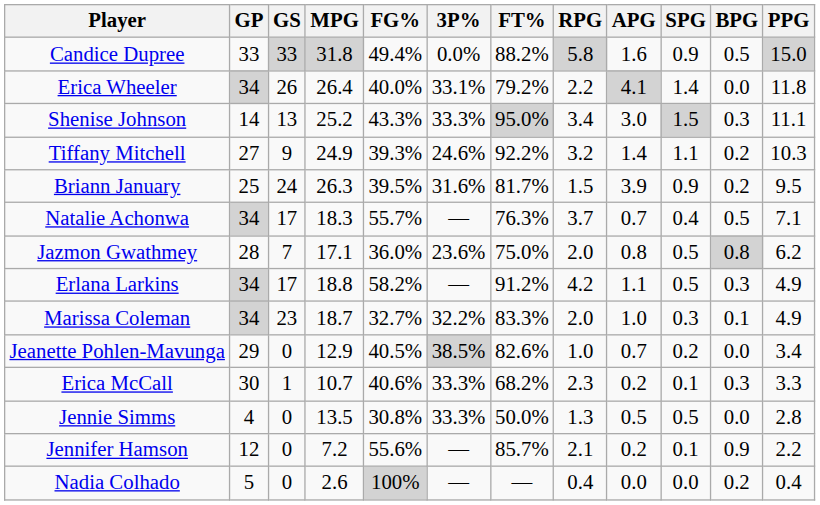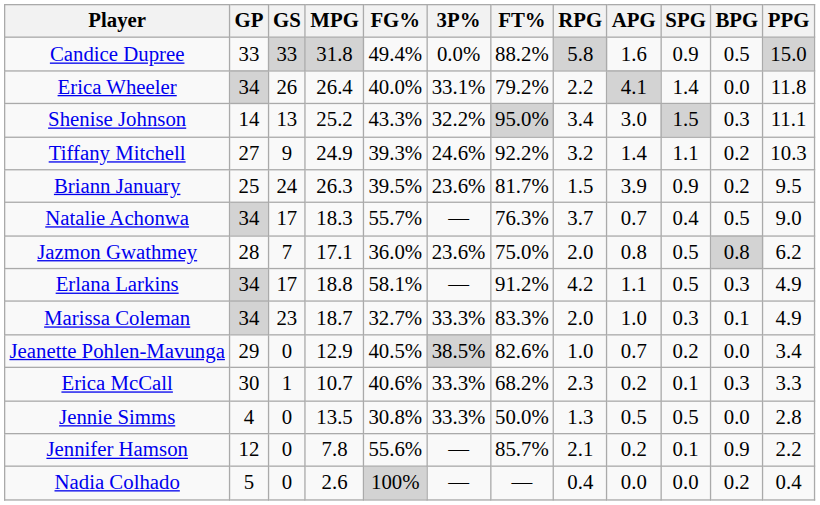 <table class="wikitable sortable" style="text-align:center;">
 <tr>
 <th>Player</th>
 <th>GP</th>
 <th>GS</th>
 <th>MPG</th>
 <th>FG%</th>
 <th>3P%</th>
 <th>FT%</th>
 <th>RPG</th>
 <th>APG</th>
 <th>SPG</th>
 <th>BPG</th>
 <th>PPG</th>
 </tr>
 <tr>
 <td><a href='#'>Candice Dupree</a></td>
 <td>33</td>
 <td style="background:#D3D3D3;">33</td>
 <td style="background:#D3D3D3;">31.8</td>
 <td>49.4%</td>
 <td>0.0%</td>
 <td>88.2%</td>
 <td style="background:#D3D3D3;">5.8</td>
 <td>1.6</td>
 <td>0.9</td>
 <td>0.5</td>
 <td style="background:#D3D3D3;">15.0</td>
 </tr>
 <tr>
 <td><a href='#'>Erica Wheeler</a></td>
 <td style="background:#D3D3D3;">34</td>
 <td>26</td>
 <td>26.4</td>
 <td>40.0%</td>
 <td>33.1%</td>
 <td>79.2%</td>
 <td>2.2</td>
 <td style="background:#D3D3D3;">4.1</td>
 <td>1.4</td>
 <td>0.0</td>
 <td>11.8</td>
 </tr>
 <tr>
 <td><a href='#'>Shenise Johnson</a></td>
 <td>14</td>
 <td>13</td>
 <td>25.2</td>
 <td>43.3%</td>
-<td>33.3%</td>
+<td>32.2%</td>
 <td style="background:#D3D3D3;">95.0%</td>
 <td>3.4</td>
 <td>3.0</td>
 <td style="background:#D3D3D3;">1.5</td>
 <td>0.3</td>
 <td>11.1</td>
 </tr>
 <tr>
 <td><a href='#'>Tiffany Mitchell</a></td>
 <td>27</td>
 <td>9</td>
 <td>24.9</td>
 <td>39.3%</td>
 <td>24.6%</td>
 <td>92.2%</td>
 <td>3.2</td>
 <td>1.4</td>
 <td>1.1</td>
 <td>0.2</td>
 <td>10.3</td>
 </tr>
 <tr>
 <td><a href='#'>Briann January</a></td>
 <td>25</td>
 <td>24</td>
 <td>26.3</td>
 <td>39.5%</td>
-<td>31.6%</td>
+<td>23.6%</td>
 <td>81.7%</td>
 <td>1.5</td>
 <td>3.9</td>
 <td>0.9</td>
 <td>0.2</td>
 <td>9.5</td>
 </tr>
 <tr>
 <td><a href='#'>Natalie Achonwa</a></td>
 <td style="background:#D3D3D3;">34</td>
 <td>17</td>
 <td>18.3</td>
 <td>55.7%</td>
 <td>—</td>
 <td>76.3%</td>
 <td>3.7</td>
 <td>0.7</td>
 <td>0.4</td>
 <td>0.5</td>
-<td>7.1</td>
+<td>9.0</td>
 </tr>
 <tr>
 <td><a href='#'>Jazmon Gwathmey</a></td>
 <td>28</td>
 <td>7</td>
 <td>17.1</td>
 <td>36.0%</td>
 <td>23.6%</td>
 <td>75.0%</td>
 <td>2.0</td>
 <td>0.8</td>
 <td>0.5</td>
 <td style="background:#D3D3D3;">0.8</td>
 <td>6.2</td>
 </tr>
 <tr>
 <td><a href='#'>Erlana Larkins</a></td>
 <td style="background:#D3D3D3;">34</td>
 <td>17</td>
 <td>18.8</td>
-<td>58.2%</td>
+<td>58.1%</td>
 <td>—</td>
 <td>91.2%</td>
 <td>4.2</td>
 <td>1.1</td>
 <td>0.5</td>
 <td>0.3</td>
 <td>4.9</td>
 </tr>
 <tr>
 <td><a href='#'>Marissa Coleman</a></td>
 <td style="background:#D3D3D3;">34</td>
 <td>23</td>
 <td>18.7</td>
 <td>32.7%</td>
-<td>32.2%</td>
+<td>33.3%</td>
 <td>83.3%</td>
 <td>2.0</td>
 <td>1.0</td>
 <td>0.3</td>
 <td>0.1</td>
 <td>4.9</td>
 </tr>
 <tr>
 <td><a href='#'>Jeanette Pohlen-Mavunga</a></td>
 <td>29</td>
 <td>0</td>
 <td>12.9</td>
 <td>40.5%</td>
 <td style="background:#D3D3D3;">38.5%</td>
 <td>82.6%</td>
 <td>1.0</td>
 <td>0.7</td>
 <td>0.2</td>
 <td>0.0</td>
 <td>3.4</td>
 </tr>
 <tr>
 <td><a href='#'>Erica McCall</a></td>
 <td>30</td>
 <td>1</td>
 <td>10.7</td>
 <td>40.6%</td>
 <td>33.3%</td>
 <td>68.2%</td>
 <td>2.3</td>
 <td>0.2</td>
 <td>0.1</td>
 <td>0.3</td>
 <td>3.3</td>
 </tr>
 <tr>
 <td><a href='#'>Jennie Simms</a></td>
 <td>4</td>
 <td>0</td>
 <td>13.5</td>
 <td>30.8%</td>
 <td>33.3%</td>
 <td>50.0%</td>
 <td>1.3</td>
 <td>0.5</td>
 <td>0.5</td>
 <td>0.0</td>
 <td>2.8</td>
 </tr>
 <tr>
 <td><a href='#'>Jennifer Hamson</a></td>
 <td>12</td>
 <td>0</td>
-<td>7.2</td>
+<td>7.8</td>
 <td>55.6%</td>
 <td>—</td>
 <td>85.7%</td>
 <td>2.1</td>
 <td>0.2</td>
 <td>0.1</td>
 <td>0.9</td>
 <td>2.2</td>
 </tr>
 <tr>
 <td><a href='#'>Nadia Colhado</a></td>
 <td>5</td>
 <td>0</td>
 <td>2.6</td>
 <td style="background:#D3D3D3;">100%</td>
 <td>—</td>
 <td>—</td>
 <td>0.4</td>
 <td>0.0</td>
 <td>0.0</td>
 <td>0.2</td>
 <td>0.4</td>
 </tr>
 </table>
